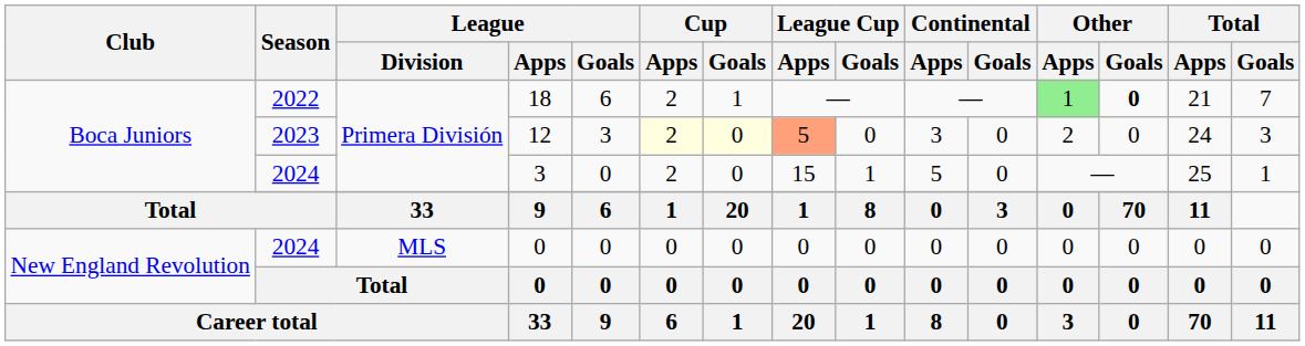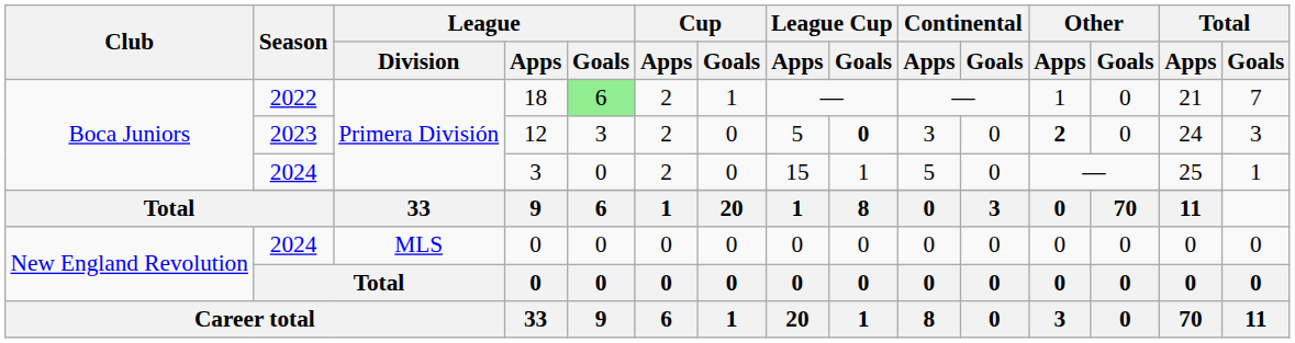 <table class="wikitable" style="text-align: center">
 <tr>
 <th rowspan="2">Club</th>
 <th rowspan="2">Season</th>
 <th colspan="3">League</th>
 <th colspan="2">Cup</th>
 <th colspan="2">League Cup</th>
 <th colspan="2">Continental</th>
 <th colspan="2">Other</th>
 <th colspan="2">Total</th>
 </tr>
 <tr>
 <th>Division</th>
 <th>Apps</th>
 <th>Goals</th>
 <th>Apps</th>
 <th>Goals</th>
 <th>Apps</th>
 <th>Goals</th>
 <th>Apps</th>
 <th>Goals</th>
 <th>Apps</th>
 <th>Goals</th>
 <th>Apps</th>
 <th>Goals</th>
 </tr>
 <tr>
 <td rowspan="4"><a href='#'>Boca Juniors</a></td>
 <td><a href='#'>2022</a></td>
 <td rowspan="3"><a href='#'>Primera División</a></td>
 <td>18</td>
-<td>6</td>
+<td style="background: lightgreen;">6</td>
 <td>2</td>
 <td>1</td>
 <td colspan="2">—</td>
 <td colspan="2">—</td>
-<td style="background: lightgreen;">1</td>
-<td><strong>0</strong></td>
+<td>1</td>
+<td>0</td>
 <td>21</td>
 <td>7</td>
 </tr>
 <tr>
 <td><a href='#'>2023</a></td>
 <td>12</td>
 <td>3</td>
-<td style="background: lightyellow;">2</td>
-<td style="background: lightyellow;">0</td>
-<td style="background: lightsalmon;">5</td>
+<td>2</td>
 <td>0</td>
+<td>5</td>
+<td><strong>0</strong></td>
 <td>3</td>
 <td>0</td>
-<td>2</td>
+<td><strong>2</strong></td>
 <td>0</td>
 <td>24</td>
 <td>3</td>
 </tr>
 <tr>
 <td><a href='#'>2024</a></td>
 <td>3</td>
 <td>0</td>
 <td>2</td>
 <td>0</td>
 <td>15</td>
 <td>1</td>
 <td>5</td>
 <td>0</td>
 <td colspan="2">—</td>
 <td>25</td>
 <td>1</td>
 </tr>
 <tr>
 </tr>
 <tr>
 <th colspan="2">Total</th>
 <th>33</th>
 <th>9</th>
 <th>6</th>
 <th>1</th>
 <th>20</th>
 <th>1</th>
 <th>8</th>
 <th>0</th>
 <th>3</th>
 <th>0</th>
 <th>70</th>
 <th>11</th>
 </tr>
 <tr>
 <td rowspan="2"><a href='#'>New England Revolution</a></td>
 <td><a href='#'>2024</a></td>
 <td><a href='#'>MLS</a></td>
 <td>0</td>
 <td>0</td>
 <td>0</td>
 <td>0</td>
 <td>0</td>
 <td>0</td>
 <td>0</td>
 <td>0</td>
 <td>0</td>
 <td>0</td>
 <td>0</td>
 <td>0</td>
 </tr>
 <tr>
 <th colspan="2">Total</th>
 <th>0</th>
 <th>0</th>
 <th>0</th>
 <th>0</th>
 <th>0</th>
 <th>0</th>
 <th>0</th>
 <th>0</th>
 <th>0</th>
 <th>0</th>
 <th>0</th>
 <th>0</th>
 </tr>
 <tr>
 <th colspan=3>Career total</th>
 <th>33</th>
 <th>9</th>
 <th>6</th>
 <th>1</th>
 <th>20</th>
 <th>1</th>
 <th>8</th>
 <th>0</th>
 <th>3</th>
 <th>0</th>
 <th>70</th>
 <th>11</th>
 </tr>
 </table>
